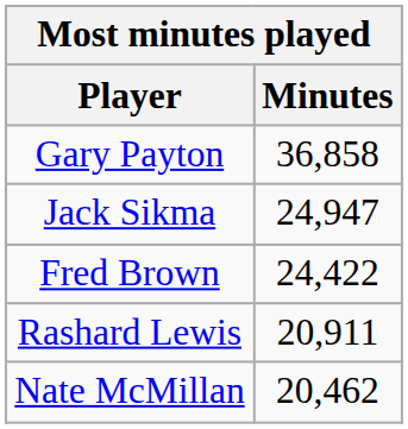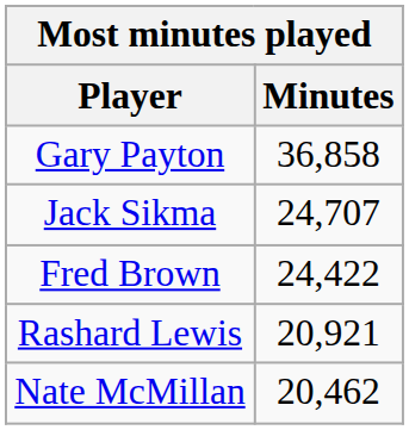 <table class="wikitable sortable" style="text-align:center">
 <tr>
 <th colspan="2" style="text-align:center; ">Most minutes played</th>
 </tr>
 <tr>
 <th style="text-align:center; ">Player</th>
 <th style="text-align:center; ">Minutes</th>
 </tr>
 <tr>
 <td><a href='#'>Gary Payton</a></td>
 <td>36,858</td>
 </tr>
 <tr>
 <td><a href='#'>Jack Sikma</a></td>
-<td>24,947</td>
+<td>24,707</td>
 </tr>
 <tr>
 <td><a href='#'>Fred Brown</a></td>
 <td>24,422</td>
 </tr>
 <tr>
 <td><a href='#'>Rashard Lewis</a></td>
-<td>20,911</td>
+<td>20,921</td>
 </tr>
 <tr>
 <td><a href='#'>Nate McMillan</a></td>
 <td>20,462</td>
 </tr>
 </table>
